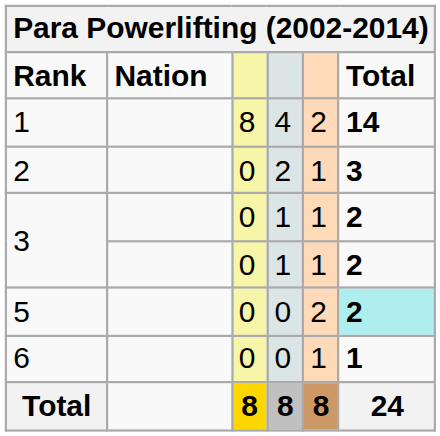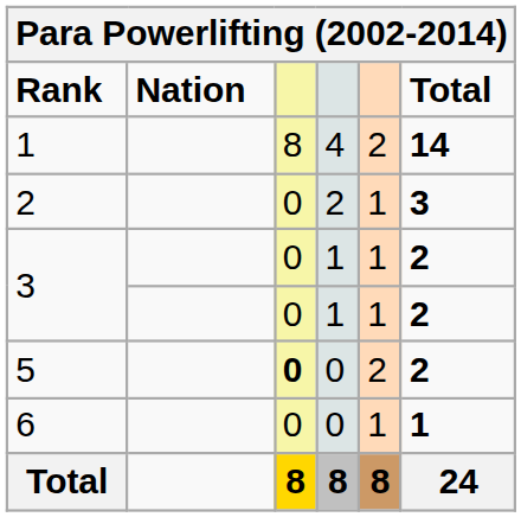 <table class="wikitable" style="font-size:85%;float:right;text-align:left">
 <tr style="background:#efefef;">
 <th colspan=6><strong>Para Powerlifting (2002-2014)</strong></th>
 </tr>
 <tr>
 <td><strong>Rank</strong></td>
 <td><strong>Nation</strong></td>
 <td bgcolor=F7F6A8></td>
 <td bgcolor=DCE5E5></td>
 <td bgcolor=FFDAB9></td>
 <td><strong>Total</strong></td>
 </tr>
 <tr>
 <td>1</td>
 <td></td>
 <td bgcolor=F7F6A8>8</td>
 <td bgcolor=DCE5E5>4</td>
 <td bgcolor=FFDAB9>2</td>
 <td><strong>14</strong></td>
 </tr>
 <tr>
 <td>2</td>
 <td></td>
 <td bgcolor=F7F6A8>0</td>
 <td bgcolor=DCE5E5>2</td>
 <td bgcolor=FFDAB9>1</td>
 <td><strong>3</strong></td>
 </tr>
 <tr>
 <td rowspan=2>3</td>
 <td></td>
 <td bgcolor=F7F6A8>0</td>
 <td bgcolor=DCE5E5>1</td>
 <td bgcolor=FFDAB9>1</td>
 <td><strong>2</strong></td>
 </tr>
 <tr>
 <td></td>
 <td bgcolor=F7F6A8>0</td>
 <td bgcolor=DCE5E5>1</td>
 <td bgcolor=FFDAB9>1</td>
 <td><strong>2</strong></td>
 </tr>
 <tr>
 <td>5</td>
 <td></td>
-<td bgcolor=F7F6A8>0</td>
+<td bgcolor=F7F6A8><strong>0</strong></td>
 <td bgcolor=DCE5E5>0</td>
 <td bgcolor=FFDAB9>2</td>
-<td style="background: paleturquoise;"><strong>2</strong></td>
+<td><strong>2</strong></td>
 </tr>
 <tr>
 <td>6</td>
 <td></td>
 <td bgcolor=F7F6A8>0</td>
 <td bgcolor=DCE5E5>0</td>
 <td bgcolor=FFDAB9>1</td>
 <td><strong>1</strong></td>
 </tr>
 <tr>
 <th><strong>Total</strong></th>
 <td></td>
 <th style="background:gold;"><strong>8</strong></th>
 <th style="background:silver;"><strong>8</strong></th>
 <th style="background:#c96;"><strong>8</strong></th>
 <th><strong>24</strong></th>
 </tr>
 </table>
